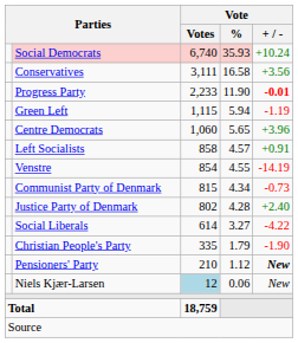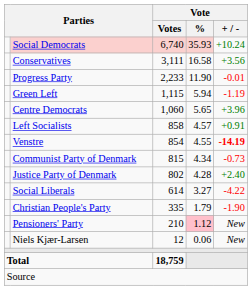 <table class="wikitable" style="text-align:right;">
 <tr>
 <th style="text-align:centre;" rowspan="2" colspan="2" width="225">Parties</th>
 <th colspan="3">Vote</th>
 </tr>
 <tr>
 <th width="15">Votes</th>
 <th width="15">%</th>
 <th width="15">+ / -</th>
 </tr>
 <tr>
 <td width="2" style="color:inherit;background:"></td>
 <td bgcolor=#fbd0ce  align="left"><a href='#'>Social Democrats</a></td>
 <td bgcolor=#fbd0ce>6,740</td>
 <td bgcolor=#fbd0ce>35.93</td>
 <td style=color:green;>+10.24</td>
 </tr>
 <tr>
 <td width="2" style="color:inherit;background:"></td>
 <td align="left"><a href='#'>Conservatives</a></td>
 <td>3,111</td>
 <td>16.58</td>
 <td style=color:green;>+3.56</td>
 </tr>
 <tr>
 <td width="2" style="color:inherit;background:"></td>
 <td align="left"><a href='#'>Progress Party</a></td>
 <td>2,233</td>
 <td>11.90</td>
-<td style=color:red;><strong>-0.01</strong></td>
+<td style=color:red;>-0.01</td>
 </tr>
 <tr>
 <td width="2" style="color:inherit;background:"></td>
 <td align="left"><a href='#'>Green Left</a></td>
 <td>1,115</td>
 <td>5.94</td>
 <td style=color:red;>-1.19</td>
 </tr>
 <tr>
 <td width="2" style="color:inherit;background:"></td>
 <td align="left"><a href='#'>Centre Democrats</a></td>
 <td>1,060</td>
 <td>5.65</td>
 <td style=color:green;>+3.96</td>
 </tr>
 <tr>
 <td width="2" style="color:inherit;background:"></td>
 <td align="left"><a href='#'>Left Socialists</a></td>
 <td>858</td>
 <td>4.57</td>
 <td style=color:green;>+0.91</td>
 </tr>
 <tr>
 <td width="2" style="color:inherit;background:"></td>
 <td align="left"><a href='#'>Venstre</a></td>
 <td>854</td>
 <td>4.55</td>
-<td style=color:red;>-14.19</td>
+<td style=color:red;><strong>-14.19</strong></td>
 </tr>
 <tr>
 <td width="2" style="color:inherit;background:"></td>
 <td align="left"><a href='#'>Communist Party of Denmark</a></td>
 <td>815</td>
 <td>4.34</td>
 <td style=color:red;>-0.73</td>
 </tr>
 <tr>
 <td width="2" style="color:inherit;background:"></td>
 <td align="left"><a href='#'>Justice Party of Denmark</a></td>
 <td>802</td>
 <td>4.28</td>
 <td style=color:green;>+2.40</td>
 </tr>
 <tr>
 <td width="2" style="color:inherit;background:"></td>
 <td align="left"><a href='#'>Social Liberals</a></td>
 <td>614</td>
 <td>3.27</td>
 <td style=color:red;>-4.22</td>
 </tr>
 <tr>
 <td width="2" style="color:inherit;background:"></td>
 <td align="left"><a href='#'>Christian People's Party</a></td>
 <td>335</td>
 <td>1.79</td>
 <td style=color:red;>-1.90</td>
 </tr>
 <tr>
 <td width="2" style="color:inherit;background:"></td>
 <td align="left"><a href='#'>Pensioners' Party</a></td>
 <td>210</td>
-<td>1.12</td>
-<td><strong><em>New</em></strong></td>
+<td style="background: pink;">1.12</td>
+<td><em>New</em></td>
 </tr>
 <tr>
 <td width="2" style="color:inherit;background:"></td>
 <td align="left">Niels Kjær-Larsen</td>
-<td style="background: lightblue;">12</td>
+<td>12</td>
 <td>0.06</td>
 <td><em>New</em></td>
 </tr>
 <tr>
 <td colspan="7" bgcolor="#E9E9E9"></td>
 </tr>
 <tr>
 <td align="left" colspan="2"><strong>Total</strong></td>
 <td><strong>18,759</strong></td>
 <td bgcolor="#E9E9E9" colspan="2"></td>
 </tr>
 <tr>
 <td align="left" colspan="6">Source</td>
 </tr>
 </table>
